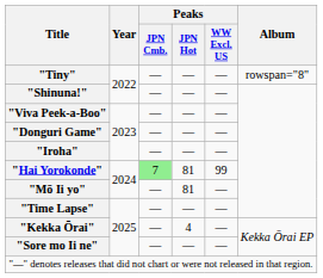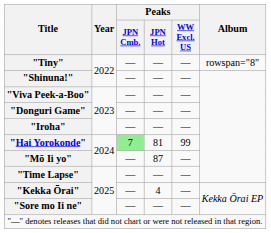 <table class="wikitable plainrowheaders" style="text-align:center">
 <tr>
 <th scope="col" rowspan="2">Title</th>
 <th scope="col" rowspan="2">Year</th>
 <th scope="col" colspan="3">Peaks</th>
 <th scope="col" rowspan="2">Album</th>
 </tr>
 <tr>
 <th scope="col" style="width:2.75em;font-size:85%"><a href='#'>JPN<br>Cmb.</a><br></th>
 <th scope="col" style="width:2.75em;font-size:85%"><a href='#'>JPN<br>Hot</a><br></th>
 <th scope="col" style="width:2.75em;font-size:85%"><a href='#'>WW<br>Excl.<br>US</a><br></th>
 </tr>
 <tr>
 <th scope="row">"Tiny"</th>
 <td rowspan="2">2022</td>
 <td>—</td>
 <td>—</td>
 <td>—</td>
 <td>rowspan="8" </td>
 </tr>
 <tr>
 <th scope="row">"Shinuna!"</th>
 <td>—</td>
 <td>—</td>
 <td>—</td>
 </tr>
 <tr>
 <th scope="row">"Viva Peek-a-Boo"</th>
 <td rowspan="3">2023</td>
 <td>—</td>
 <td>—</td>
 <td>—</td>
 </tr>
 <tr>
 <th scope="row">"Donguri Game"</th>
 <td>—</td>
 <td>—</td>
 <td>—</td>
 </tr>
 <tr>
 <th scope="row">"Iroha"</th>
 <td>—</td>
 <td>—</td>
 <td>—</td>
 </tr>
 <tr>
 <th scope="row">"<a href='#'>Hai Yorokonde</a>"</th>
 <td rowspan="2">2024</td>
 <td style="background: lightgreen;">7</td>
 <td>81</td>
 <td>99</td>
 </tr>
 <tr>
 <th scope="row">"Mō Ii yo"</th>
 <td>—</td>
-<td>81</td>
+<td>87</td>
 <td>—</td>
 </tr>
 <tr>
 <th scope="row">"Time Lapse"<br></th>
 <td rowspan="3">2025</td>
 <td>—</td>
 <td>—</td>
 <td>—</td>
 </tr>
 <tr>
 <th scope="row">"Kekka Ōrai"</th>
 <td>—</td>
 <td>4</td>
 <td>—</td>
 <td rowspan="2"><em>Kekka Ōrai EP</em></td>
 </tr>
 <tr>
 <th scope="row">"Sore mo Ii ne"<br></th>
 <td>—</td>
 <td>—</td>
 <td>—</td>
 </tr>
 <tr>
 <td colspan="6" style="font-size:85%">"—" denotes releases that did not chart or were not released in that region.</td>
 </tr>
 </table>
